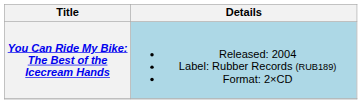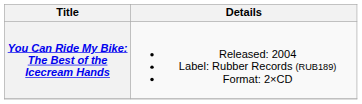 <table class="wikitable plainrowheaders" style="text-align:center;" border="1">
 <tr>
 <th scope="col" style="width:11em;">Title</th>
 <th scope="col" style="width:20em;">Details</th>
 </tr>
 <tr>
 <th scope="row"><em><a href='#'>You Can Ride My Bike: The Best of the Icecream Hands</a></em></th>
-<td style="background: lightblue;"><br><ul><li>Released: 2004</li><li>Label: Rubber Records <small>(RUB189)</small></li><li>Format: 2×CD</li></ul></td>
+<td><br><ul><li>Released: 2004</li><li>Label: Rubber Records <small>(RUB189)</small></li><li>Format: 2×CD</li></ul></td>
 </tr>
 <tr>
 </tr>
 </table>
